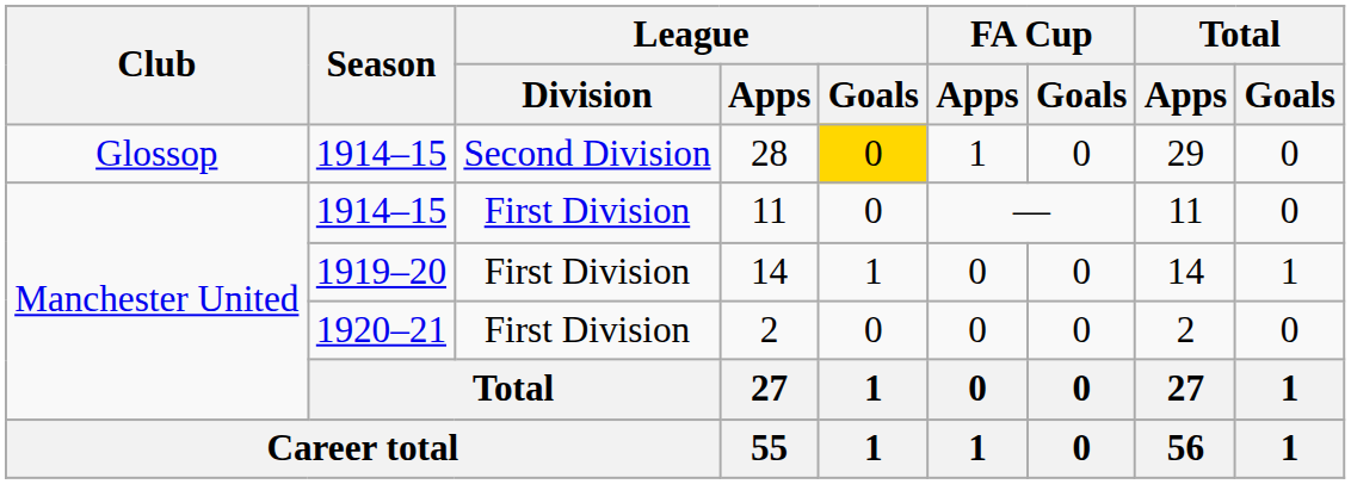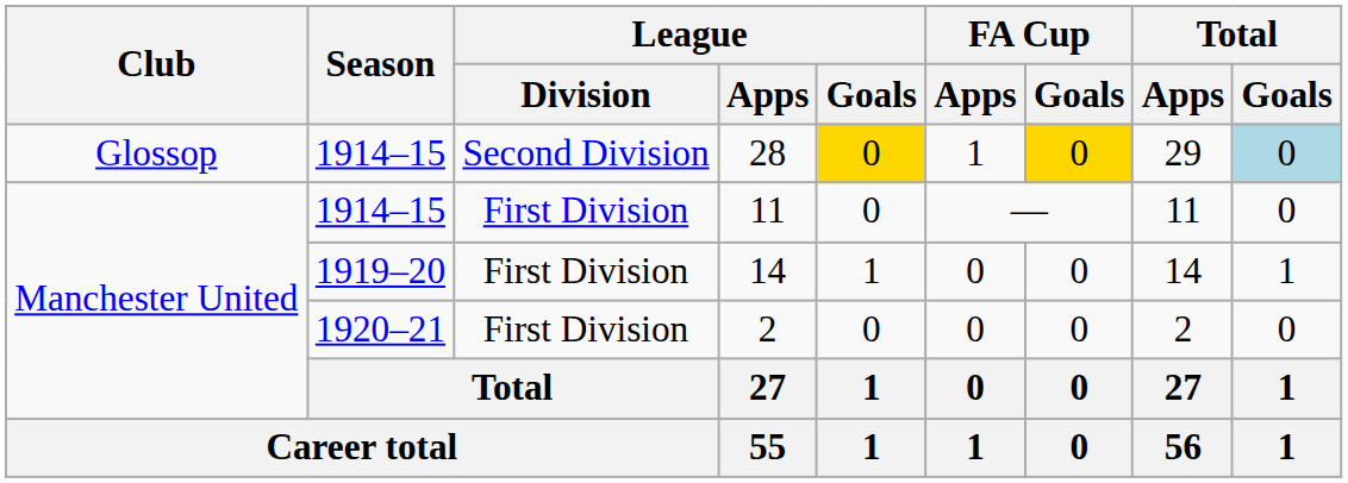 <table class="wikitable" style="text-align: center">
 <tr>
 <th rowspan="2">Club</th>
 <th rowspan="2">Season</th>
 <th colspan="3">League</th>
 <th colspan="2">FA Cup</th>
 <th colspan="2">Total</th>
 </tr>
 <tr>
 <th>Division</th>
 <th>Apps</th>
 <th>Goals</th>
 <th>Apps</th>
 <th>Goals</th>
 <th>Apps</th>
 <th>Goals</th>
 </tr>
 <tr>
 <td><a href='#'>Glossop</a></td>
 <td><a href='#'>1914–15</a></td>
 <td><a href='#'>Second Division</a></td>
 <td>28</td>
 <td style="background: gold;">0</td>
 <td>1</td>
-<td>0</td>
+<td style="background: gold;">0</td>
 <td>29</td>
-<td>0</td>
+<td style="background: lightblue;">0</td>
 </tr>
 <tr>
 <td rowspan="4"><a href='#'>Manchester United</a></td>
 <td><a href='#'>1914–15</a></td>
 <td><a href='#'>First Division</a></td>
 <td>11</td>
 <td>0</td>
 <td colspan="2">—</td>
 <td>11</td>
 <td>0</td>
 </tr>
 <tr>
 <td><a href='#'>1919–20</a></td>
 <td>First Division</td>
 <td>14</td>
 <td>1</td>
 <td>0</td>
 <td>0</td>
 <td>14</td>
 <td>1</td>
 </tr>
 <tr>
 <td><a href='#'>1920–21</a></td>
 <td>First Division</td>
 <td>2</td>
 <td>0</td>
 <td>0</td>
 <td>0</td>
 <td>2</td>
 <td>0</td>
 </tr>
 <tr>
 <th colspan="2">Total</th>
 <th>27</th>
 <th>1</th>
 <th>0</th>
 <th>0</th>
 <th>27</th>
 <th>1</th>
 </tr>
 <tr>
 <th colspan="3">Career total</th>
 <th>55</th>
 <th>1</th>
 <th>1</th>
 <th>0</th>
 <th>56</th>
 <th>1</th>
 </tr>
 </table>
